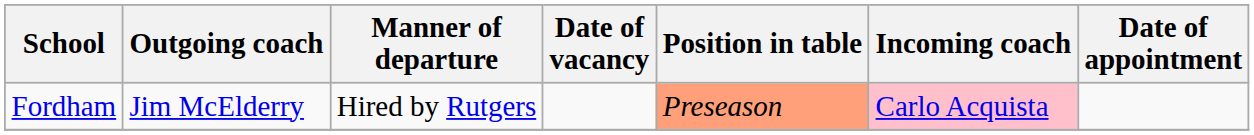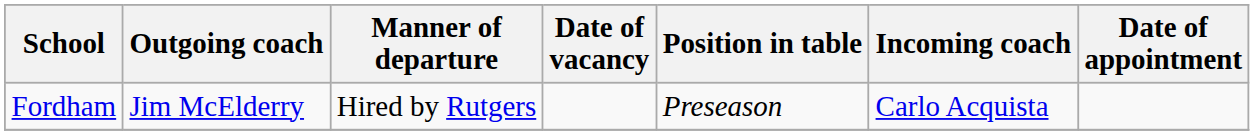 <table class="wikitable sortable">
 <tr>
 <th>School</th>
 <th>Outgoing coach</th>
 <th>Manner of <br> departure</th>
 <th>Date of <br> vacancy</th>
 <th>Position in table</th>
 <th>Incoming coach</th>
 <th>Date of <br> appointment</th>
 </tr>
 <tr>
 <td><a href='#'>Fordham</a></td>
 <td> <a href='#'>Jim McElderry</a></td>
 <td>Hired by <a href='#'>Rutgers</a></td>
 <td></td>
-<td style="background: lightsalmon;"><em>Preseason</em></td>
-<td style="background: pink;"> <a href='#'>Carlo Acquista</a></td>
+<td><em>Preseason</em></td>
+<td> <a href='#'>Carlo Acquista</a></td>
 <td></td>
 </tr>
 <tr>
 </tr>
 </table>
